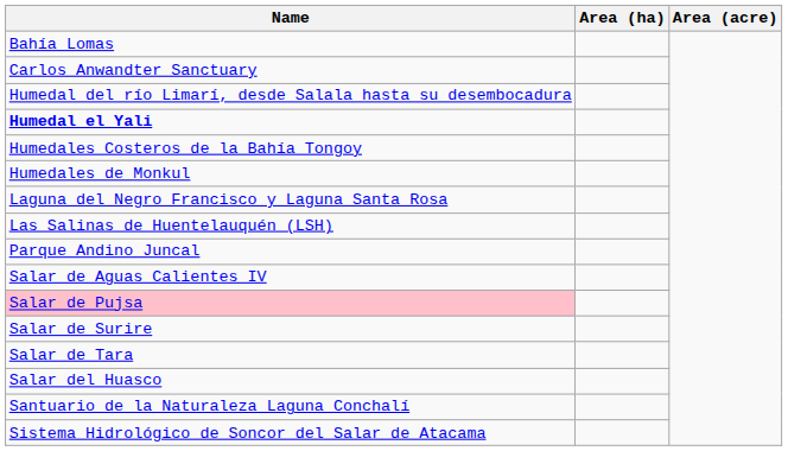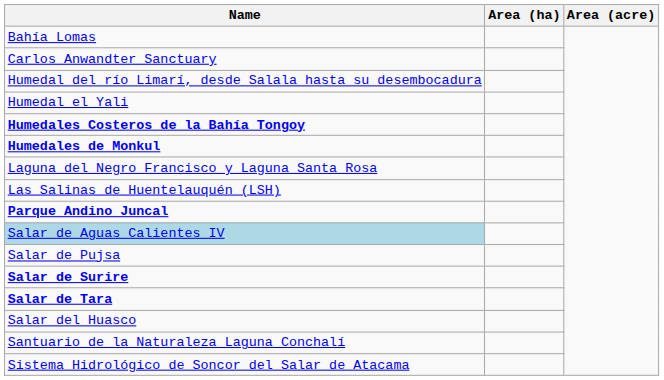 <table class="wikitable sortable">
 <tr>
 <th scope="col" align=left>Name</th>
 <th scope="col">Area (ha)</th>
 <th scope="col">Area (acre)</th>
 </tr>
 <tr ---->
 <td><a href='#'>Bahía Lomas</a></td>
 <td></td>
 </tr>
 <tr ---->
 <td><a href='#'>Carlos Anwandter Sanctuary</a></td>
 <td></td>
 </tr>
 <tr ---->
 <td><a href='#'>Humedal del río Limarí, desde Salala hasta su desembocadura</a></td>
 <td></td>
 </tr>
 <tr ---->
-<td><strong><a href='#'>Humedal el Yali</a></strong></td>
+<td><a href='#'>Humedal el Yali</a></td>
 <td></td>
 </tr>
 <tr ---->
-<td><a href='#'>Humedales Costeros de la Bahía Tongoy</a></td>
+<td><strong><a href='#'>Humedales Costeros de la Bahía Tongoy</a></strong></td>
 <td></td>
 </tr>
 <tr ---->
-<td><a href='#'>Humedales de Monkul</a></td>
+<td><strong><a href='#'>Humedales de Monkul</a></strong></td>
 <td></td>
 </tr>
 <tr ---->
 <td><a href='#'>Laguna del Negro Francisco y Laguna Santa Rosa</a></td>
 <td></td>
 </tr>
 <tr ---->
 <td><a href='#'>Las Salinas de Huentelauquén (LSH)</a></td>
 <td></td>
 </tr>
 <tr ---->
-<td><a href='#'>Parque Andino Juncal</a></td>
+<td><strong><a href='#'>Parque Andino Juncal</a></strong></td>
 <td></td>
 </tr>
 <tr ---->
-<td><a href='#'>Salar de Aguas Calientes IV</a></td>
+<td style="background: lightblue;"><a href='#'>Salar de Aguas Calientes IV</a></td>
 <td></td>
 </tr>
 <tr ---->
-<td style="background: pink;"><a href='#'>Salar de Pujsa</a></td>
+<td><a href='#'>Salar de Pujsa</a></td>
 <td></td>
 </tr>
 <tr ---->
-<td><a href='#'>Salar de Surire</a></td>
+<td><strong><a href='#'>Salar de Surire</a></strong></td>
 <td></td>
 </tr>
 <tr ---->
-<td><a href='#'>Salar de Tara</a></td>
+<td><strong><a href='#'>Salar de Tara</a></strong></td>
 <td></td>
 </tr>
 <tr ---->
 <td><a href='#'>Salar del Huasco</a></td>
 <td></td>
 </tr>
 <tr ---->
 <td><a href='#'>Santuario de la Naturaleza Laguna Conchalí</a></td>
 <td></td>
 </tr>
 <tr ---->
 <td><a href='#'>Sistema Hidrológico de Soncor del Salar de Atacama</a></td>
 <td></td>
 </tr>
 </table>
